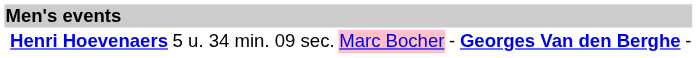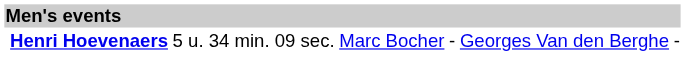 <table>
 <tr bgcolor="#cccccc">
 <td colspan=7><strong>Men's events</strong></td>
 </tr>
 <tr>
 <td><br></td>
 <td><strong><a href='#'>Henri Hoevenaers</a></strong><br><small></small></td>
 <td align=right>5 u. 34 min. 09 sec.</td>
-<td style="background: pink;"><a href='#'>Marc Bocher</a><br><small></small></td>
+<td><a href='#'>Marc Bocher</a><br><small></small></td>
 <td align=right>-</td>
-<td><strong><a href='#'>Georges Van den Berghe</a><br><small></small></strong></td>
+<td><a href='#'>Georges Van den Berghe</a><br><small></small></td>
 <td align=right>-</td>
 </tr>
 </table>
